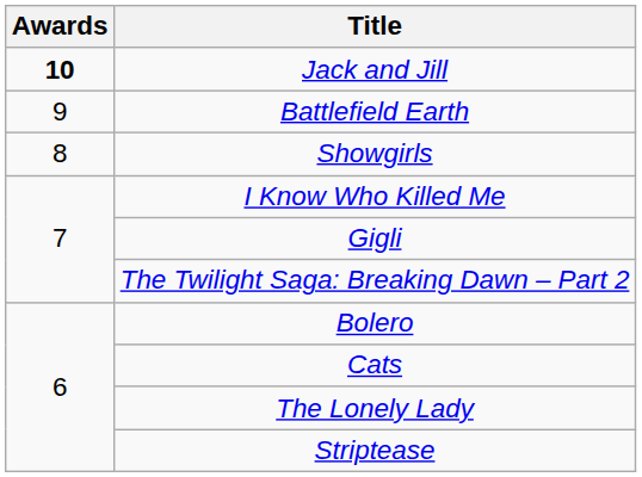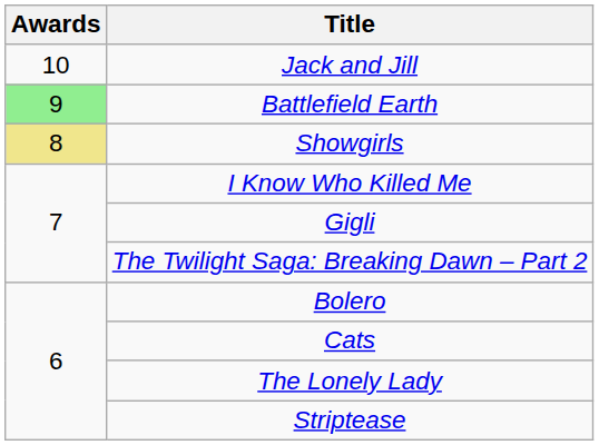 <table class="wikitable" style="text-align: center;">
 <tr>
 <th scope="col" width="55">Awards</th>
 <th scope="col" align="center">Title</th>
 </tr>
 <tr>
-<td rowspan=1 style="text-align:center"><strong>10</strong></td>
+<td rowspan=1 style="text-align:center">10</td>
 <td><em><a href='#'>Jack and Jill</a></em></td>
 </tr>
 <tr>
-<td rowspan=1 style="text-align:center">9</td>
+<td rowspan=1 style="background: lightgreen; text-align:center">9</td>
 <td><em><a href='#'>Battlefield Earth</a></em></td>
 </tr>
 <tr>
-<td rowspan=1 style="text-align:center">8</td>
+<td rowspan=1 style="background: khaki; text-align:center">8</td>
 <td><em><a href='#'>Showgirls</a></em></td>
 </tr>
 <tr>
 <td rowspan=3 style="text-align:center">7</td>
 <td><em><a href='#'>I Know Who Killed Me</a></em></td>
 </tr>
 <tr>
 <td><em><a href='#'>Gigli</a></em></td>
 </tr>
 <tr>
 <td><em><a href='#'>The Twilight Saga: Breaking Dawn – Part 2</a></em></td>
 </tr>
 <tr>
 <td rowspan=4 style="text-align:center">6</td>
 <td><em><a href='#'>Bolero</a></em></td>
 </tr>
 <tr>
 <td><em><a href='#'>Cats</a></em></td>
 </tr>
 <tr>
 <td><em><a href='#'>The Lonely Lady</a></em></td>
 </tr>
 <tr>
 <td><em><a href='#'>Striptease</a></em></td>
 </tr>
 </table>
